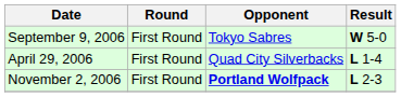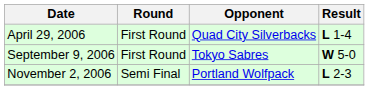 <table class="wikitable">
 <tr>
 <th>Date</th>
 <th>Round</th>
 <th>Opponent</th>
 <th>Result</th>
 </tr>
 <tr style="background: #ddffdd;">
+<td>April 29, 2006</td>
+<td>First Round</td>
+<td><a href='#'>Quad City Silverbacks</a></td>
+<td><strong>L</strong> 1-4</td>
+</tr>
+<tr style="background: #ddffdd;">
 <td>September 9, 2006</td>
 <td>First Round</td>
 <td><a href='#'>Tokyo Sabres</a></td>
 <td><strong>W</strong> 5-0</td>
 </tr>
 <tr style="background: #ddffdd;">
-<td>April 29, 2006</td>
-<td>First Round</td>
-<td><a href='#'>Quad City Silverbacks</a></td>
-<td><strong>L</strong> 1-4</td>
-</tr>
-<tr style="background: #ddffdd;">
 <td>November 2, 2006</td>
-<td>First Round</td>
-<td><strong><a href='#'>Portland Wolfpack</a></strong></td>
+<td>Semi Final</td>
+<td><a href='#'>Portland Wolfpack</a></td>
 <td><strong>L</strong> 2-3</td>
 </tr>
 <tr style="background: #ddffdd;">
 </tr>
 </table>
